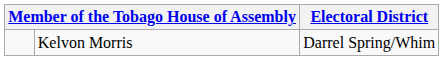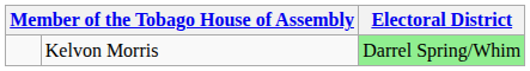 <table class="wikitable sortable mw-collapsible">
 <tr>
 <th colspan="2"><a href='#'>Member of the Tobago House of Assembly</a></th>
 <th><a href='#'>Electoral District</a></th>
 </tr>
 <tr>
 </tr>
 <tr>
 </tr>
 <tr>
 <td style="background:"> </td>
 <td>Kelvon Morris</td>
-<td>Darrel Spring/Whim</td>
+<td style="background: lightgreen;">Darrel Spring/Whim</td>
 </tr>
 </table>
